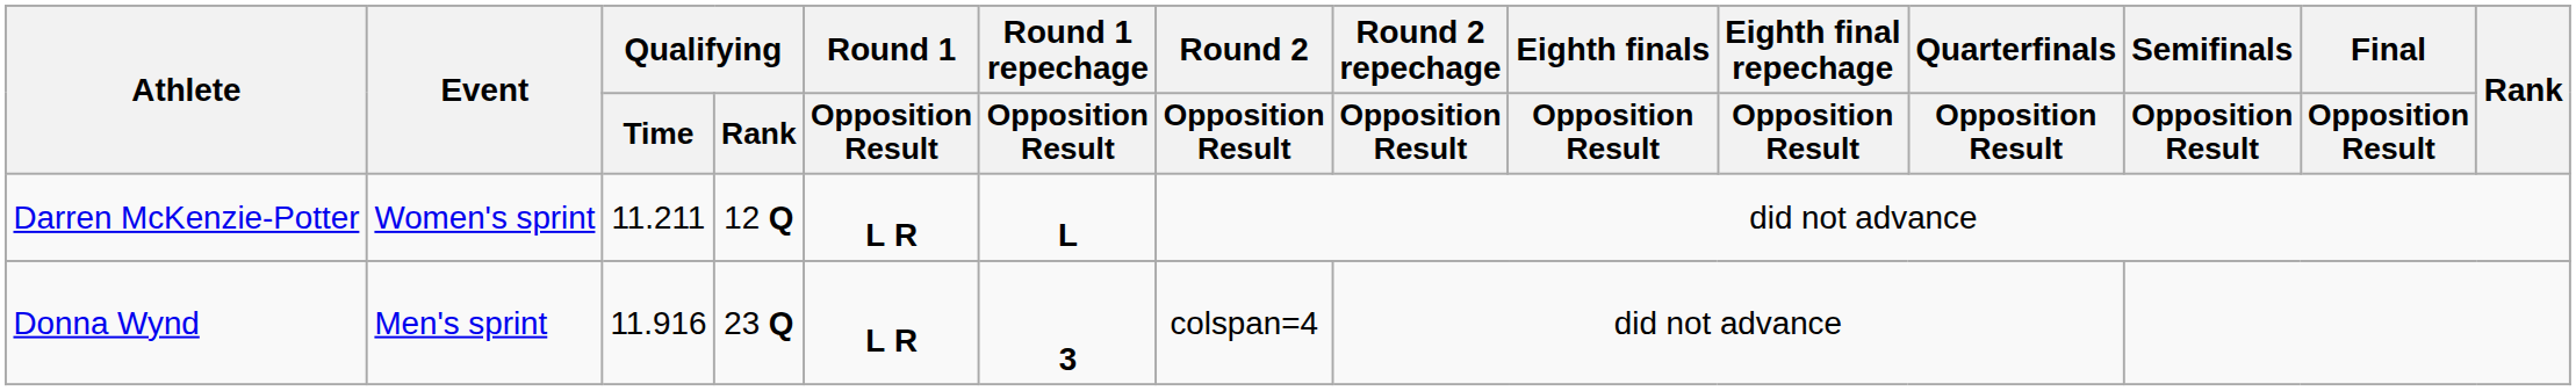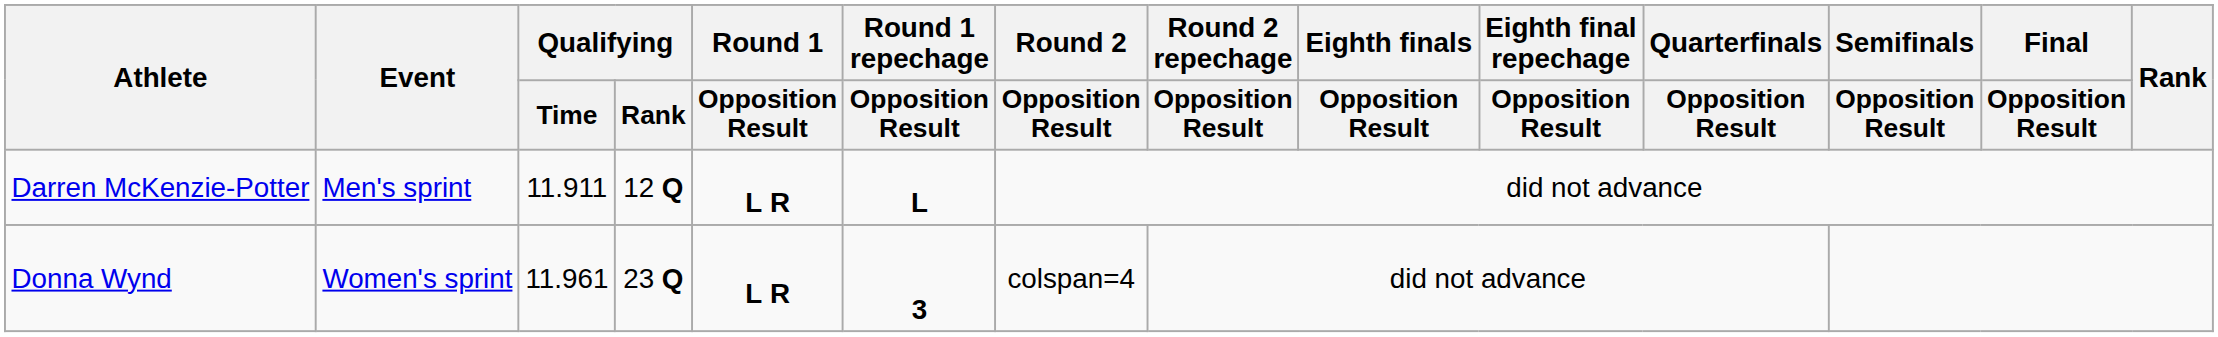 <table class="wikitable" style="font-size:90%;text-align:center;">
 <tr>
 <th rowspan=2>Athlete</th>
 <th rowspan=2>Event</th>
 <th colspan=2>Qualifying</th>
 <th>Round 1</th>
 <th>Round 1<br>repechage</th>
 <th>Round 2</th>
 <th>Round 2<br>repechage</th>
 <th>Eighth finals</th>
 <th>Eighth final<br>repechage</th>
 <th>Quarterfinals</th>
 <th>Semifinals</th>
 <th>Final</th>
 <th rowspan=2>Rank</th>
 </tr>
 <tr style="font-size:95%">
 <th>Time</th>
 <th>Rank</th>
 <th>Opposition<br>Result</th>
 <th>Opposition<br>Result</th>
 <th>Opposition<br>Result</th>
 <th>Opposition<br>Result</th>
 <th>Opposition<br>Result</th>
 <th>Opposition<br>Result</th>
 <th>Opposition<br>Result</th>
 <th>Opposition<br>Result</th>
 <th>Opposition<br>Result</th>
 </tr>
 <tr>
 <td align=left><a href='#'>Darren McKenzie-Potter</a></td>
-<td align=left><a href='#'>Women's sprint</a></td>
-<td>11.211</td>
+<td align=left><a href='#'>Men's sprint</a></td>
+<td>11.911</td>
 <td>12 <strong>Q</strong></td>
 <td><br><strong>L</strong> <strong>R</strong></td>
 <td><br><strong>L</strong></td>
 <td colspan=8>did not advance</td>
 </tr>
 <tr>
 <td align=left><a href='#'>Donna Wynd</a></td>
-<td align=left><a href='#'>Men's sprint</a></td>
-<td>11.916</td>
+<td align=left><a href='#'>Women's sprint</a></td>
+<td>11.961</td>
 <td>23 <strong>Q</strong></td>
 <td><br><strong>L</strong> <strong>R</strong></td>
 <td><br><br><strong>3</strong></td>
 <td>colspan=4 </td>
 <td colspan=4>did not advance</td>
 </tr>
 </table>
